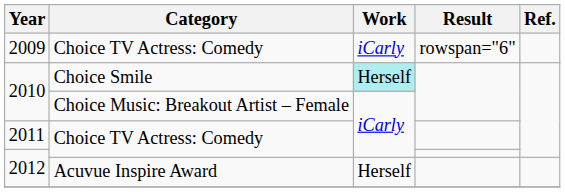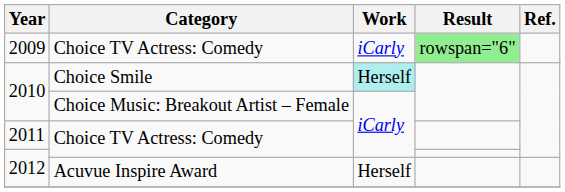 <table class="wikitable">
 <tr>
 <th>Year</th>
 <th>Category</th>
 <th>Work</th>
 <th>Result</th>
 <th>Ref.</th>
 </tr>
 <tr>
 <td>2009</td>
 <td rowspan="2">Choice TV Actress: Comedy</td>
 <td rowspan="2"><em><a href='#'>iCarly</a></em></td>
-<td>rowspan="6" </td>
+<td style="background: lightgreen;">rowspan="6" </td>
 <td></td>
 </tr>
 <tr>
 <td rowspan="3">2010</td>
 <td rowspan="3"></td>
 </tr>
 <tr>
 <td>Choice Smile</td>
 <td style="background: paleturquoise;">Herself</td>
 </tr>
 <tr>
 <td>Choice Music: Breakout Artist – Female</td>
 <td rowspan="3"><em><a href='#'>iCarly</a></em></td>
 </tr>
 <tr>
 <td>2011</td>
 <td rowspan="2">Choice TV Actress: Comedy</td>
 <td></td>
 </tr>
 <tr>
 <td rowspan="2">2012</td>
 <td></td>
 </tr>
 <tr>
 <td>Acuvue Inspire Award</td>
 <td>Herself</td>
 <td></td>
 <td></td>
 </tr>
 <tr>
 </tr>
 </table>
